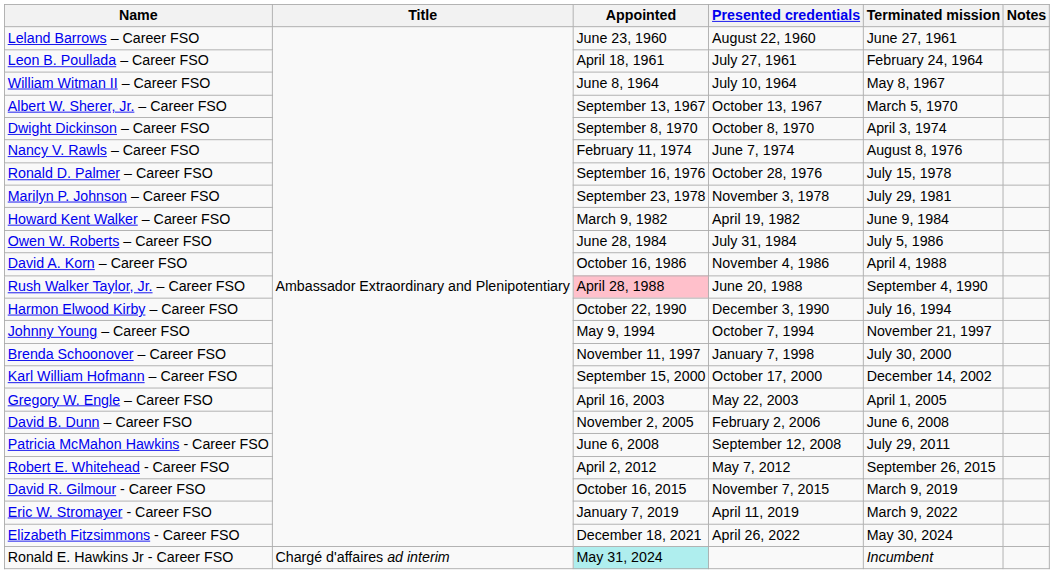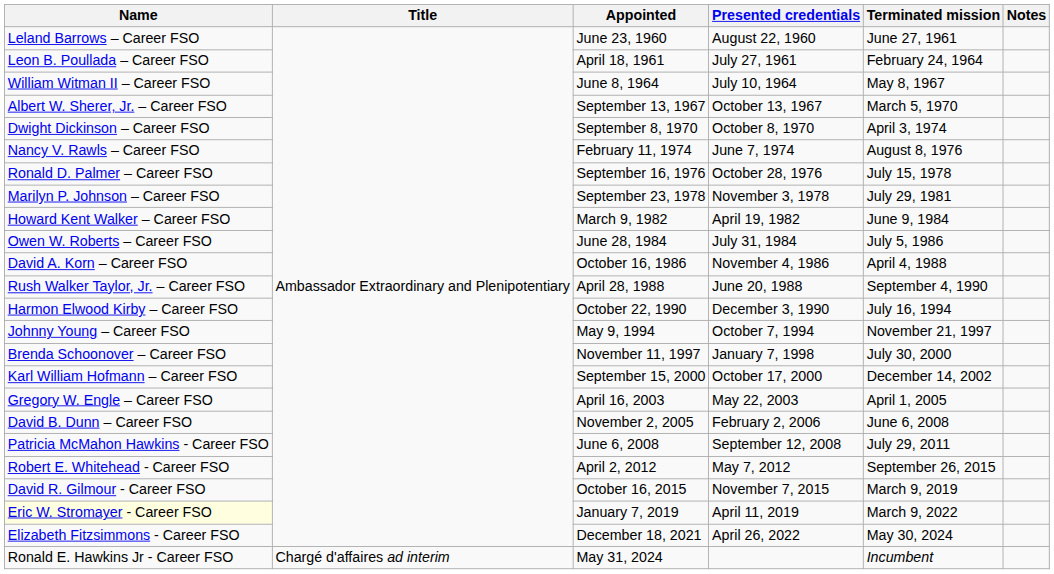 <table class="wikitable">
 <tr>
 <th>Name</th>
 <th>Title</th>
 <th>Appointed</th>
 <th><a href='#'>Presented credentials</a></th>
 <th>Terminated mission</th>
 <th>Notes</th>
 </tr>
 <tr>
 <td><a href='#'>Leland Barrows</a> – Career FSO</td>
 <td rowspan=23>Ambassador Extraordinary and Plenipotentiary</td>
 <td>June 23, 1960</td>
 <td>August 22, 1960</td>
 <td>June 27, 1961</td>
 <td></td>
 </tr>
 <tr>
 <td><a href='#'>Leon B. Poullada</a> – Career FSO</td>
 <td>April 18, 1961</td>
 <td>July 27, 1961</td>
 <td>February 24, 1964</td>
 <td></td>
 </tr>
 <tr>
 <td><a href='#'>William Witman II</a> – Career FSO</td>
 <td>June 8, 1964</td>
 <td>July 10, 1964</td>
 <td>May 8, 1967</td>
 <td></td>
 </tr>
 <tr>
 <td><a href='#'>Albert W. Sherer, Jr.</a> – Career FSO</td>
 <td>September 13, 1967</td>
 <td>October 13, 1967</td>
 <td>March 5, 1970</td>
 <td></td>
 </tr>
 <tr>
 <td><a href='#'>Dwight Dickinson</a> – Career FSO</td>
 <td>September 8, 1970</td>
 <td>October 8, 1970</td>
 <td>April 3, 1974</td>
 <td></td>
 </tr>
 <tr>
 <td><a href='#'>Nancy V. Rawls</a> – Career FSO</td>
 <td>February 11, 1974</td>
 <td>June 7, 1974</td>
 <td>August 8, 1976</td>
 <td></td>
 </tr>
 <tr>
 <td><a href='#'>Ronald D. Palmer</a> – Career FSO</td>
 <td>September 16, 1976</td>
 <td>October 28, 1976</td>
 <td>July 15, 1978</td>
 <td></td>
 </tr>
 <tr>
 <td><a href='#'>Marilyn P. Johnson</a> – Career FSO</td>
 <td>September 23, 1978</td>
 <td>November 3, 1978</td>
 <td>July 29, 1981</td>
 <td></td>
 </tr>
 <tr>
 <td><a href='#'>Howard Kent Walker</a> – Career FSO</td>
 <td>March 9, 1982</td>
 <td>April 19, 1982</td>
 <td>June 9, 1984</td>
 <td></td>
 </tr>
 <tr>
 <td><a href='#'>Owen W. Roberts</a> – Career FSO</td>
 <td>June 28, 1984</td>
 <td>July 31, 1984</td>
 <td>July 5, 1986</td>
 <td></td>
 </tr>
 <tr>
 <td><a href='#'>David A. Korn</a> – Career FSO</td>
 <td>October 16, 1986</td>
 <td>November 4, 1986</td>
 <td>April 4, 1988</td>
 <td></td>
 </tr>
 <tr>
 <td><a href='#'>Rush Walker Taylor, Jr.</a> – Career FSO</td>
-<td style="background: pink;">April 28, 1988</td>
+<td>April 28, 1988</td>
 <td>June 20, 1988</td>
 <td>September 4, 1990</td>
 <td></td>
 </tr>
 <tr>
 <td><a href='#'>Harmon Elwood Kirby</a> – Career FSO</td>
 <td>October 22, 1990</td>
 <td>December 3, 1990</td>
 <td>July 16, 1994</td>
 <td></td>
 </tr>
 <tr>
 <td><a href='#'>Johnny Young</a> – Career FSO</td>
 <td>May 9, 1994</td>
 <td>October 7, 1994</td>
 <td>November 21, 1997</td>
 <td></td>
 </tr>
 <tr>
 <td><a href='#'>Brenda Schoonover</a> – Career FSO</td>
 <td>November 11, 1997</td>
 <td>January 7, 1998</td>
 <td>July 30, 2000</td>
 <td></td>
 </tr>
 <tr>
 <td><a href='#'>Karl William Hofmann</a> – Career FSO</td>
 <td>September 15, 2000</td>
 <td>October 17, 2000</td>
 <td>December 14, 2002</td>
 <td></td>
 </tr>
 <tr>
 <td><a href='#'>Gregory W. Engle</a> – Career FSO</td>
 <td>April 16, 2003</td>
 <td>May 22, 2003</td>
 <td>April 1, 2005</td>
 <td></td>
 </tr>
 <tr>
 <td><a href='#'>David B. Dunn</a> – Career FSO</td>
 <td>November 2, 2005</td>
 <td>February 2, 2006</td>
 <td>June 6, 2008</td>
 <td></td>
 </tr>
 <tr>
 <td><a href='#'>Patricia McMahon Hawkins</a> - Career FSO</td>
 <td>June 6, 2008</td>
 <td>September 12, 2008</td>
 <td>July 29, 2011</td>
 <td></td>
 </tr>
 <tr>
 <td><a href='#'>Robert E. Whitehead</a> - Career FSO</td>
 <td>April 2, 2012</td>
 <td>May 7, 2012</td>
 <td>September 26, 2015</td>
 <td></td>
 </tr>
 <tr>
 <td><a href='#'>David R. Gilmour</a> - Career FSO</td>
 <td>October 16, 2015</td>
 <td>November 7, 2015</td>
 <td>March 9, 2019</td>
 <td></td>
 </tr>
 <tr>
-<td><a href='#'>Eric W. Stromayer</a> - Career FSO</td>
+<td style="background: lightyellow;"><a href='#'>Eric W. Stromayer</a> - Career FSO</td>
 <td>January 7, 2019</td>
 <td>April 11, 2019</td>
 <td>March 9, 2022</td>
 <td></td>
 </tr>
 <tr>
 <td><a href='#'>Elizabeth Fitzsimmons</a> - Career FSO</td>
 <td>December 18, 2021</td>
 <td>April 26, 2022</td>
 <td>May 30, 2024</td>
 <td></td>
 </tr>
 <tr>
 <td>Ronald E. Hawkins Jr - Career FSO</td>
 <td>Chargé d'affaires <em>ad interim</em></td>
-<td style="background: paleturquoise;">May 31, 2024</td>
+<td>May 31, 2024</td>
 <td></td>
 <td><em>Incumbent</em></td>
 <td></td>
 </tr>
 </table>
